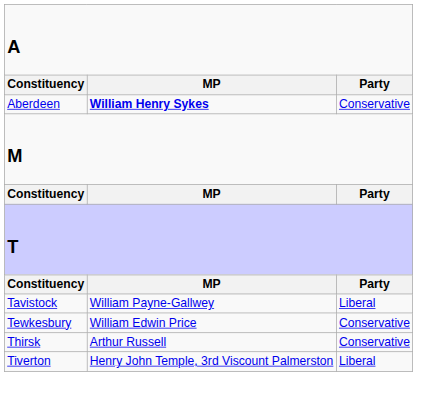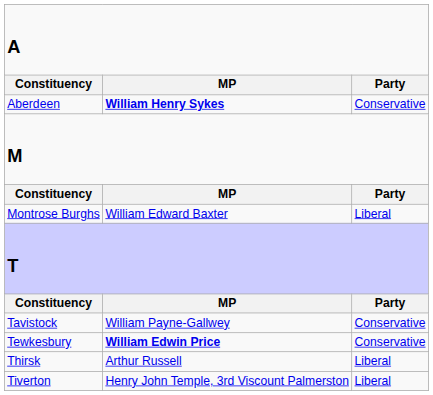 <table class="wikitable" id="elected-mps">
 <tr>
 <td colspan="3"><br><h2>A</h2></td>
 </tr>
 <tr>
 <th>Constituency</th>
 <th>MP</th>
 <th>Party</th>
 </tr>
 <tr>
 <td><a href='#'>Aberdeen</a></td>
 <td><strong><a href='#'>William Henry Sykes</a></strong></td>
 <td><a href='#'>Conservative</a></td>
 </tr>
 <tr>
 <td colspan="3"><br><h2>M</h2></td>
 </tr>
 <tr>
 <th>Constituency</th>
 <th>MP</th>
 <th>Party</th>
 </tr>
 <tr>
+<td><a href='#'>Montrose Burghs</a></td>
+<td><a href='#'>William Edward Baxter</a></td>
+<td><a href='#'>Liberal</a></td>
+</tr>
+<tr>
 <td colspan="3" bgcolor="ccccff"><br><h2>T</h2></td>
 </tr>
 <tr>
 <th>Constituency</th>
 <th>MP</th>
 <th>Party</th>
 </tr>
 <tr>
 <td><a href='#'>Tavistock</a></td>
 <td><a href='#'>William Payne-Gallwey</a></td>
-<td><a href='#'>Liberal</a></td>
+<td><a href='#'>Conservative</a></td>
 </tr>
 <tr>
 <td><a href='#'>Tewkesbury</a></td>
-<td><a href='#'>William Edwin Price</a></td>
+<td><strong><a href='#'>William Edwin Price</a></strong></td>
 <td><a href='#'>Conservative</a></td>
 </tr>
 <tr>
 <td><a href='#'>Thirsk</a></td>
 <td><a href='#'>Arthur Russell</a></td>
-<td><a href='#'>Conservative</a></td>
+<td><a href='#'>Liberal</a></td>
 </tr>
 <tr id="true-new-row">
 <td><a href='#'>Tiverton</a></td>
 <td><a href='#'>Henry John Temple, 3rd Viscount Palmerston</a></td>
 <td><a href='#'>Liberal</a></td>
 </tr>
 </table>
